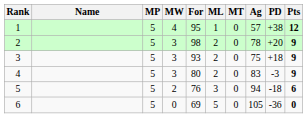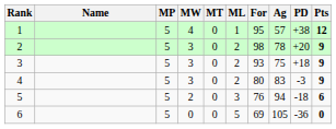 <table class=wikitable style="text-align:center">
 <tr>
 <th width=20>Rank</th>
 <th width=175>Name</th>
 <th width=20>MP</th>
 <th width=20>MW</th>
+<th width=20>MT</th>
+<th width=20>ML</th>
 <th width=20>For</th>
-<th width=20>ML</th>
-<th width=20>MT</th>
 <th width=20>Ag</th>
 <th width=20>PD</th>
 <th width=20>Pts</th>
 </tr>
 <tr bgcolor="#ccffcc">
 <td>1</td>
 <td align=left><strong></strong></td>
 <td>5</td>
 <td>4</td>
+<td>0</td>
+<td>1</td>
 <td>95</td>
-<td>1</td>
-<td>0</td>
 <td>57</td>
 <td>+38</td>
 <td><strong>12</strong></td>
 </tr>
 <tr bgcolor="#ccffcc">
 <td>2</td>
 <td align=left><strong></strong></td>
 <td>5</td>
 <td>3</td>
+<td>0</td>
+<td>2</td>
 <td>98</td>
-<td>2</td>
-<td>0</td>
 <td>78</td>
 <td>+20</td>
 <td><strong>9</strong></td>
 </tr>
 <tr>
 <td>3</td>
 <td align=left></td>
 <td>5</td>
 <td>3</td>
+<td>0</td>
+<td>2</td>
 <td>93</td>
-<td>2</td>
-<td>0</td>
 <td>75</td>
 <td>+18</td>
 <td><strong>9</strong></td>
 </tr>
 <tr>
 <td>4</td>
 <td align=left></td>
 <td>5</td>
 <td>3</td>
+<td>0</td>
+<td>2</td>
 <td>80</td>
-<td>2</td>
-<td>0</td>
 <td>83</td>
 <td>-3</td>
 <td><strong>9</strong></td>
 </tr>
 <tr>
 <td>5</td>
 <td align=left></td>
 <td>5</td>
 <td>2</td>
+<td>0</td>
+<td>3</td>
 <td>76</td>
-<td>3</td>
-<td>0</td>
 <td>94</td>
 <td>-18</td>
 <td><strong>6</strong></td>
 </tr>
 <tr>
 <td>6</td>
 <td align=left></td>
 <td>5</td>
 <td>0</td>
+<td>0</td>
+<td>5</td>
 <td>69</td>
-<td>5</td>
-<td>0</td>
 <td>105</td>
 <td>-36</td>
 <td><strong>0</strong></td>
 </tr>
 </table>
